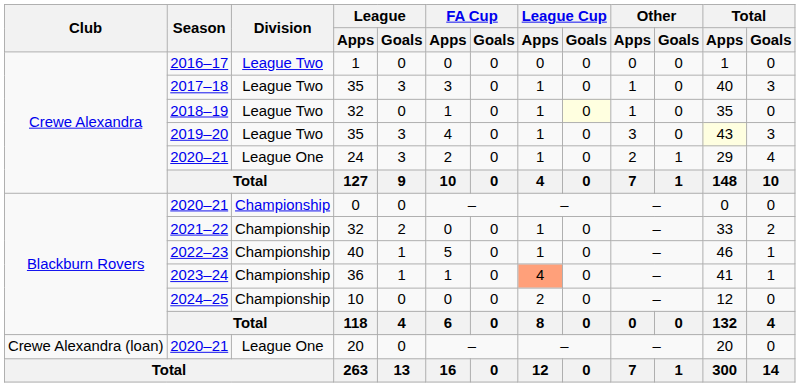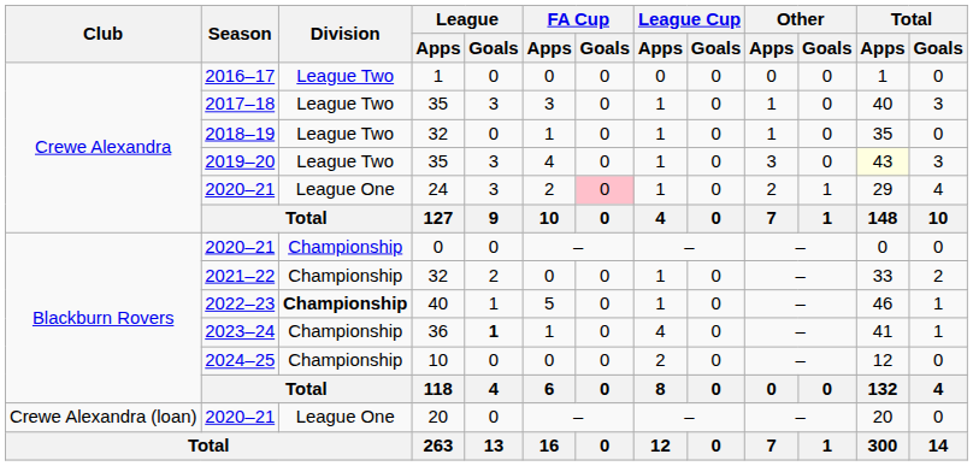 <table class="wikitable" style="text-align:center;">
 <tr>
 <th rowspan="2">Club</th>
 <th rowspan="2">Season</th>
 <th rowspan="2">Division</th>
 <th colspan="2">League</th>
 <th colspan="2"><a href='#'>FA Cup</a></th>
 <th colspan="2"><a href='#'>League Cup</a></th>
 <th colspan="2">Other</th>
 <th colspan="2">Total</th>
 </tr>
 <tr>
 <th>Apps</th>
 <th>Goals</th>
 <th>Apps</th>
 <th>Goals</th>
 <th>Apps</th>
 <th>Goals</th>
 <th>Apps</th>
 <th>Goals</th>
 <th>Apps</th>
 <th>Goals</th>
 </tr>
 <tr>
 <td rowspan="6"><a href='#'>Crewe Alexandra</a></td>
 <td><a href='#'>2016–17</a></td>
 <td><a href='#'>League Two</a></td>
 <td>1</td>
 <td>0</td>
 <td>0</td>
 <td>0</td>
 <td>0</td>
 <td>0</td>
 <td>0</td>
 <td>0</td>
 <td>1</td>
 <td>0</td>
 </tr>
 <tr>
 <td><a href='#'>2017–18</a></td>
 <td>League Two</td>
 <td>35</td>
 <td>3</td>
 <td>3</td>
 <td>0</td>
 <td>1</td>
 <td>0</td>
 <td>1</td>
 <td>0</td>
 <td>40</td>
 <td>3</td>
 </tr>
 <tr>
 <td><a href='#'>2018–19</a></td>
 <td>League Two</td>
 <td>32</td>
 <td>0</td>
 <td>1</td>
 <td>0</td>
 <td>1</td>
-<td style="background: lightyellow;">0</td>
+<td>0</td>
 <td>1</td>
 <td>0</td>
 <td>35</td>
 <td>0</td>
 </tr>
 <tr>
 <td><a href='#'>2019–20</a></td>
 <td>League Two</td>
 <td>35</td>
 <td>3</td>
 <td>4</td>
 <td>0</td>
 <td>1</td>
 <td>0</td>
 <td>3</td>
 <td>0</td>
 <td style="background: lightyellow;">43</td>
 <td>3</td>
 </tr>
 <tr>
 <td><a href='#'>2020–21</a></td>
 <td>League One</td>
 <td>24</td>
 <td>3</td>
 <td>2</td>
-<td>0</td>
+<td style="background: pink;">0</td>
 <td>1</td>
 <td>0</td>
 <td>2</td>
 <td>1</td>
 <td>29</td>
 <td>4</td>
 </tr>
 <tr>
 <th colspan="2">Total</th>
 <th>127</th>
 <th>9</th>
 <th>10</th>
 <th>0</th>
 <th>4</th>
 <th>0</th>
 <th>7</th>
 <th>1</th>
 <th>148</th>
 <th>10</th>
 </tr>
 <tr>
 <td rowspan="6"><a href='#'>Blackburn Rovers</a></td>
 <td><a href='#'>2020–21</a></td>
 <td><a href='#'>Championship</a></td>
 <td>0</td>
 <td>0</td>
 <td colspan=2>–</td>
 <td colspan=2>–</td>
 <td colspan=2>–</td>
 <td>0</td>
 <td>0</td>
 </tr>
 <tr>
 <td><a href='#'>2021–22</a></td>
 <td>Championship</td>
 <td>32</td>
 <td>2</td>
 <td>0</td>
 <td>0</td>
 <td>1</td>
 <td>0</td>
 <td colspan=2>–</td>
 <td>33</td>
 <td>2</td>
 </tr>
 <tr>
 <td><a href='#'>2022–23</a></td>
-<td>Championship</td>
+<td><strong>Championship</strong></td>
 <td>40</td>
 <td>1</td>
 <td>5</td>
 <td>0</td>
 <td>1</td>
 <td>0</td>
 <td colspan=2>–</td>
 <td>46</td>
 <td>1</td>
 </tr>
 <tr>
 <td><a href='#'>2023–24</a></td>
 <td>Championship</td>
 <td>36</td>
-<td>1</td>
+<td><strong>1</strong></td>
 <td>1</td>
 <td>0</td>
-<td style="background: lightsalmon;">4</td>
+<td>4</td>
 <td>0</td>
 <td colspan=2>–</td>
 <td>41</td>
 <td>1</td>
 </tr>
 <tr>
 <td><a href='#'>2024–25</a></td>
 <td>Championship</td>
 <td>10</td>
 <td>0</td>
 <td>0</td>
 <td>0</td>
 <td>2</td>
 <td>0</td>
 <td colspan=2>–</td>
 <td>12</td>
 <td>0</td>
 </tr>
 <tr>
 <th colspan="2">Total</th>
 <th>118</th>
 <th>4</th>
 <th>6</th>
 <th>0</th>
 <th>8</th>
 <th>0</th>
 <th>0</th>
 <th>0</th>
 <th>132</th>
 <th>4</th>
 </tr>
 <tr>
 <td>Crewe Alexandra (loan)</td>
 <td><a href='#'>2020–21</a></td>
 <td>League One</td>
 <td>20</td>
 <td>0</td>
 <td colspan=2>–</td>
 <td colspan=2>–</td>
 <td colspan=2>–</td>
 <td>20</td>
 <td>0</td>
 </tr>
 <tr>
 <th colspan="3">Total</th>
 <th>263</th>
 <th>13</th>
 <th>16</th>
 <th>0</th>
 <th>12</th>
 <th>0</th>
 <th>7</th>
 <th>1</th>
 <th>300</th>
 <th>14</th>
 </tr>
 </table>
